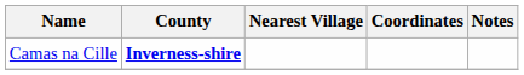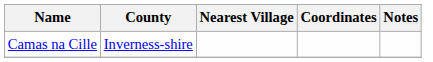 <table class="wikitable sortable" style="table-layout:fixed;background-color:#FEFEFE;font-size:95%;padding:0.30em;line-height:1.35em;">
 <tr>
 <th scope="col">Name</th>
 <th scope="col">County</th>
 <th scope="col">Nearest Village</th>
 <th scope="col" data-sort-type="number">Coordinates</th>
 <th scope="col">Notes</th>
 </tr>
 <tr>
 <td><a href='#'>Camas na Cille</a></td>
-<td><strong><a href='#'>Inverness-shire</a></strong></td>
+<td><a href='#'>Inverness-shire</a></td>
 <td></td>
 <td></td>
 <td></td>
 </tr>
 <tr>
 </tr>
 </table>
